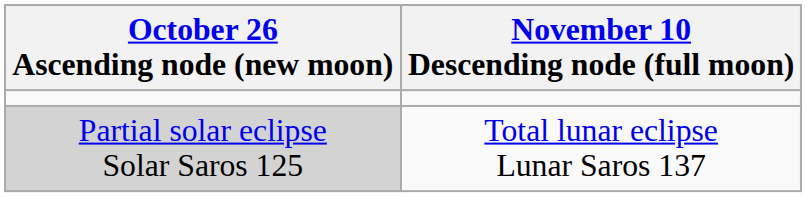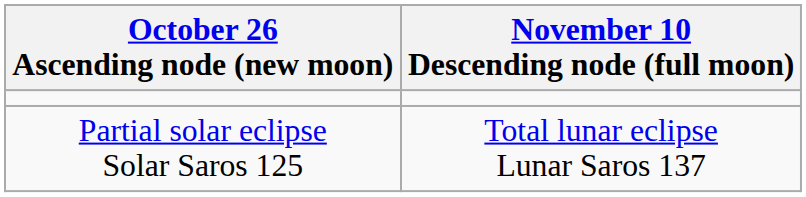 <table class="wikitable">
 <tr>
 <th><a href='#'>October 26</a><br>Ascending node (new moon)<br></th>
 <th><a href='#'>November 10</a><br>Descending node (full moon)<br></th>
 </tr>
 <tr>
 <td></td>
 <td></td>
 </tr>
 <tr align=center>
-<td style="background: lightgrey;"><a href='#'>Partial solar eclipse</a><br>Solar Saros 125</td>
+<td><a href='#'>Partial solar eclipse</a><br>Solar Saros 125</td>
 <td><a href='#'>Total lunar eclipse</a><br>Lunar Saros 137</td>
 </tr>
 </table>
